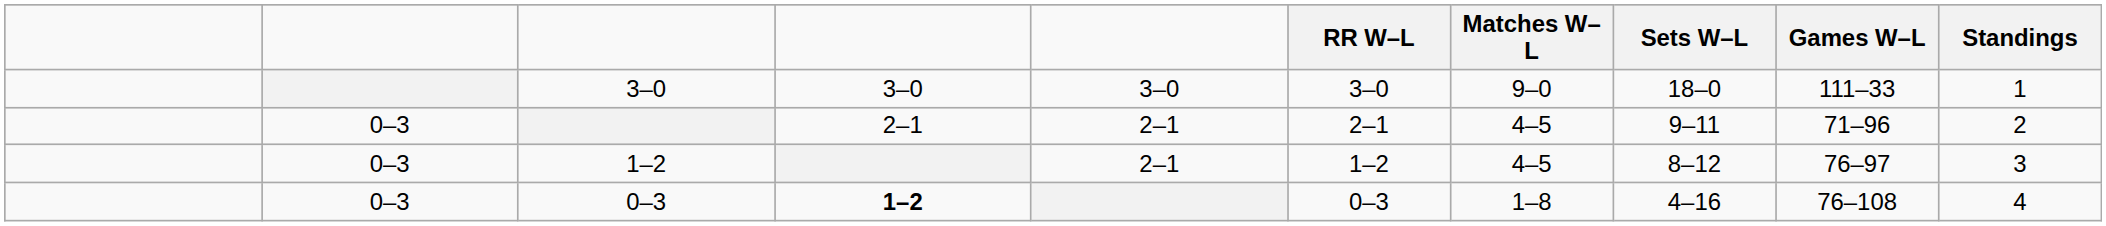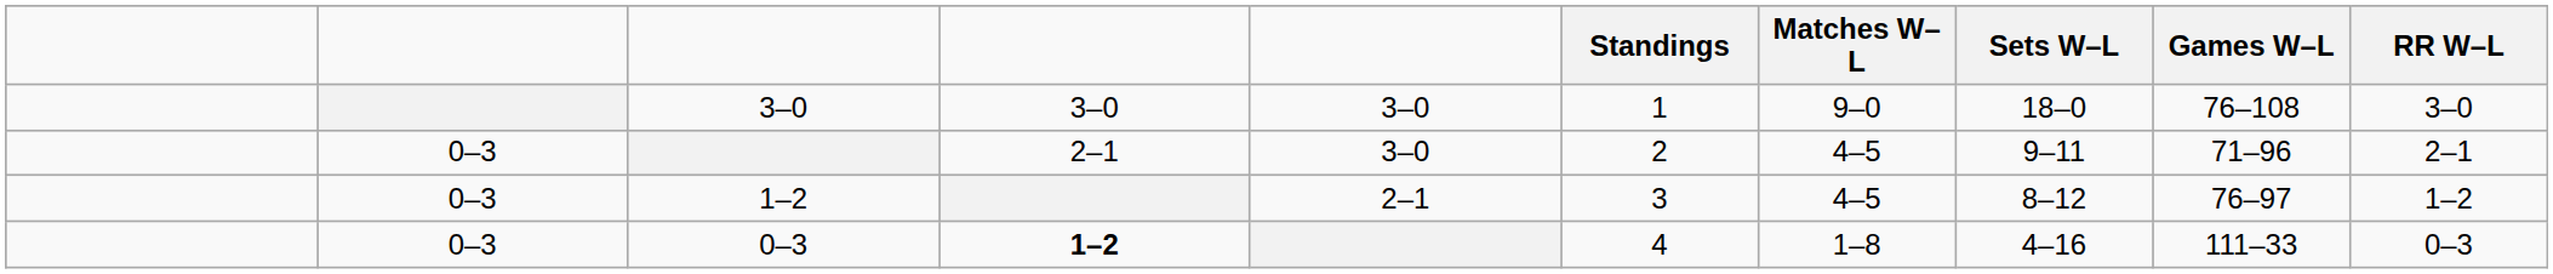 <table class="wikitable" style="width: 100%; text-align:center; font-size:90%">
 <tr>
 <td width=130></td>
 <td width=130></td>
 <td width=130></td>
 <td width=130></td>
 <td width=130></td>
-<th width=80>RR W–L</th>
+<th width=80>Standings</th>
 <th width=80>Matches W–L</th>
 <th width=80>Sets W–L</th>
 <th width=80>Games W–L</th>
-<th width=80>Standings</th>
+<th width=80>RR W–L</th>
 </tr>
 <tr>
 <td style="text-align:left;"></td>
 <th bgcolor="ededed"></th>
 <td>3–0</td>
 <td>3–0</td>
 <td>3–0</td>
-<td>3–0</td>
+<td>1</td>
 <td>9–0</td>
 <td>18–0</td>
-<td>111–33</td>
-<td>1</td>
+<td>76–108</td>
+<td>3–0</td>
 </tr>
 <tr>
 <td style="text-align:left;"></td>
 <td>0–3</td>
 <th bgcolor="ededed"></th>
 <td>2–1</td>
-<td>2–1</td>
-<td>2–1</td>
+<td>3–0</td>
+<td>2</td>
 <td>4–5</td>
 <td>9–11</td>
 <td>71–96</td>
-<td>2</td>
+<td>2–1</td>
 </tr>
 <tr>
 <td style="text-align:left;"></td>
 <td>0–3</td>
 <td>1–2</td>
 <th bgcolor="ededed"></th>
 <td>2–1</td>
-<td>1–2</td>
+<td>3</td>
 <td>4–5</td>
 <td>8–12</td>
 <td>76–97</td>
-<td>3</td>
+<td>1–2</td>
 </tr>
 <tr>
 <td style="text-align:left;"></td>
 <td>0–3</td>
 <td>0–3</td>
 <td><strong>1–2</strong></td>
 <th bgcolor="ededed"></th>
-<td>0–3</td>
+<td>4</td>
 <td>1–8</td>
 <td>4–16</td>
-<td>76–108</td>
-<td>4</td>
+<td>111–33</td>
+<td>0–3</td>
 </tr>
 </table>
